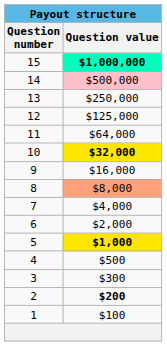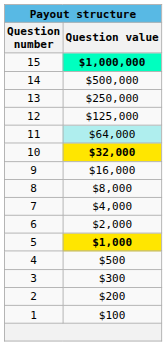 <table class="wikitable" style="text-align:center;">
 <tr>
 <th colspan="2" style="background: #58B9E4">Payout structure</th>
 </tr>
 <tr>
 <th>Question<br>number</th>
 <th>Question value</th>
 </tr>
 <tr>
 <td>15</td>
 <td style="background: #00FFBF"><strong>$1,000,000</strong></td>
 </tr>
 <tr>
 <td>14</td>
-<td style="background: pink;">$500,000</td>
+<td>$500,000</td>
 </tr>
 <tr>
 <td>13</td>
 <td>$250,000</td>
 </tr>
 <tr>
 <td>12</td>
 <td>$125,000</td>
 </tr>
 <tr>
 <td>11</td>
-<td>$64,000</td>
+<td style="background: paleturquoise;">$64,000</td>
 </tr>
 <tr>
 <td>10</td>
 <td style="background: #FFE600"><strong>$32,000</strong></td>
 </tr>
 <tr>
 <td>9</td>
 <td>$16,000</td>
 </tr>
 <tr>
 <td>8</td>
-<td style="background: lightsalmon;">$8,000</td>
+<td>$8,000</td>
 </tr>
 <tr>
 <td>7</td>
 <td>$4,000</td>
 </tr>
 <tr>
 <td>6</td>
 <td>$2,000</td>
 </tr>
 <tr>
 <td>5</td>
 <td style="background: #FFE600"><strong>$1,000</strong></td>
 </tr>
 <tr>
 <td>4</td>
 <td>$500</td>
 </tr>
 <tr>
 <td>3</td>
 <td>$300</td>
 </tr>
 <tr>
 <td>2</td>
-<td><strong>$200</strong></td>
+<td>$200</td>
 </tr>
 <tr>
 <td>1</td>
 <td>$100</td>
 </tr>
 <tr>
 <th colspan="2" style="text-align:left"><br></th>
 </tr>
 </table>
